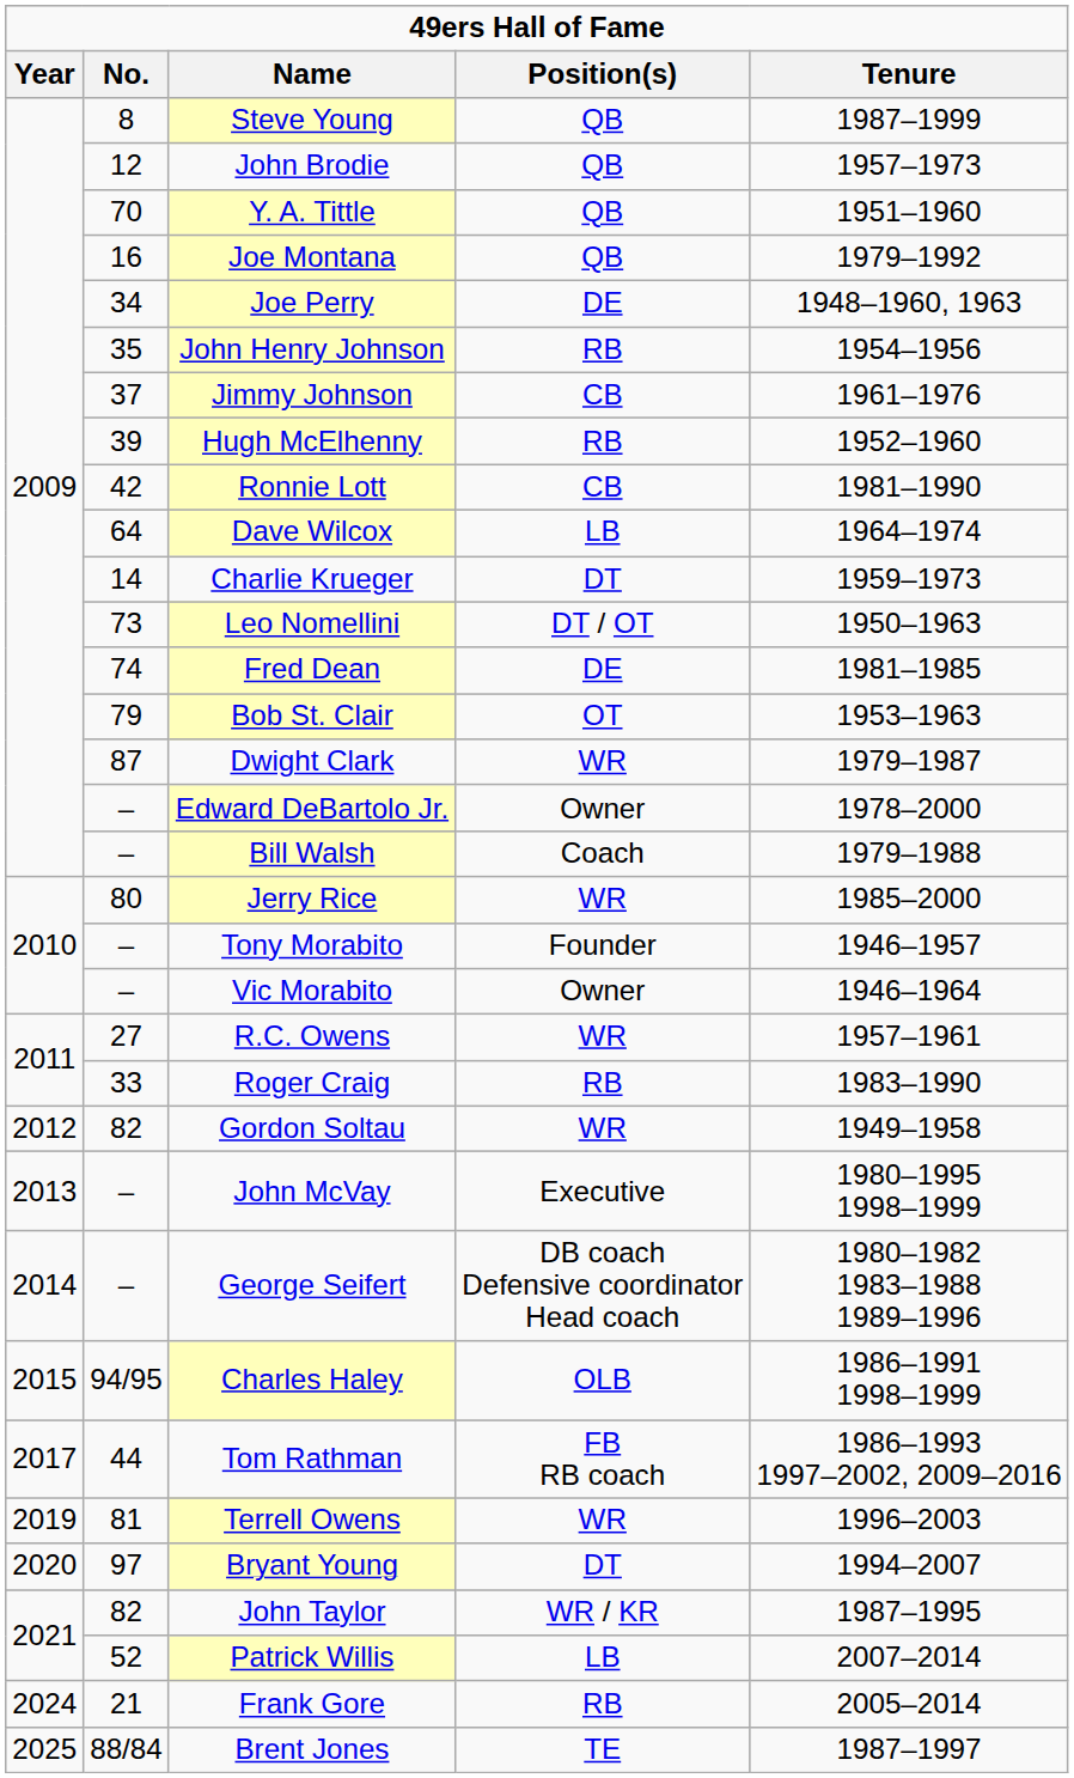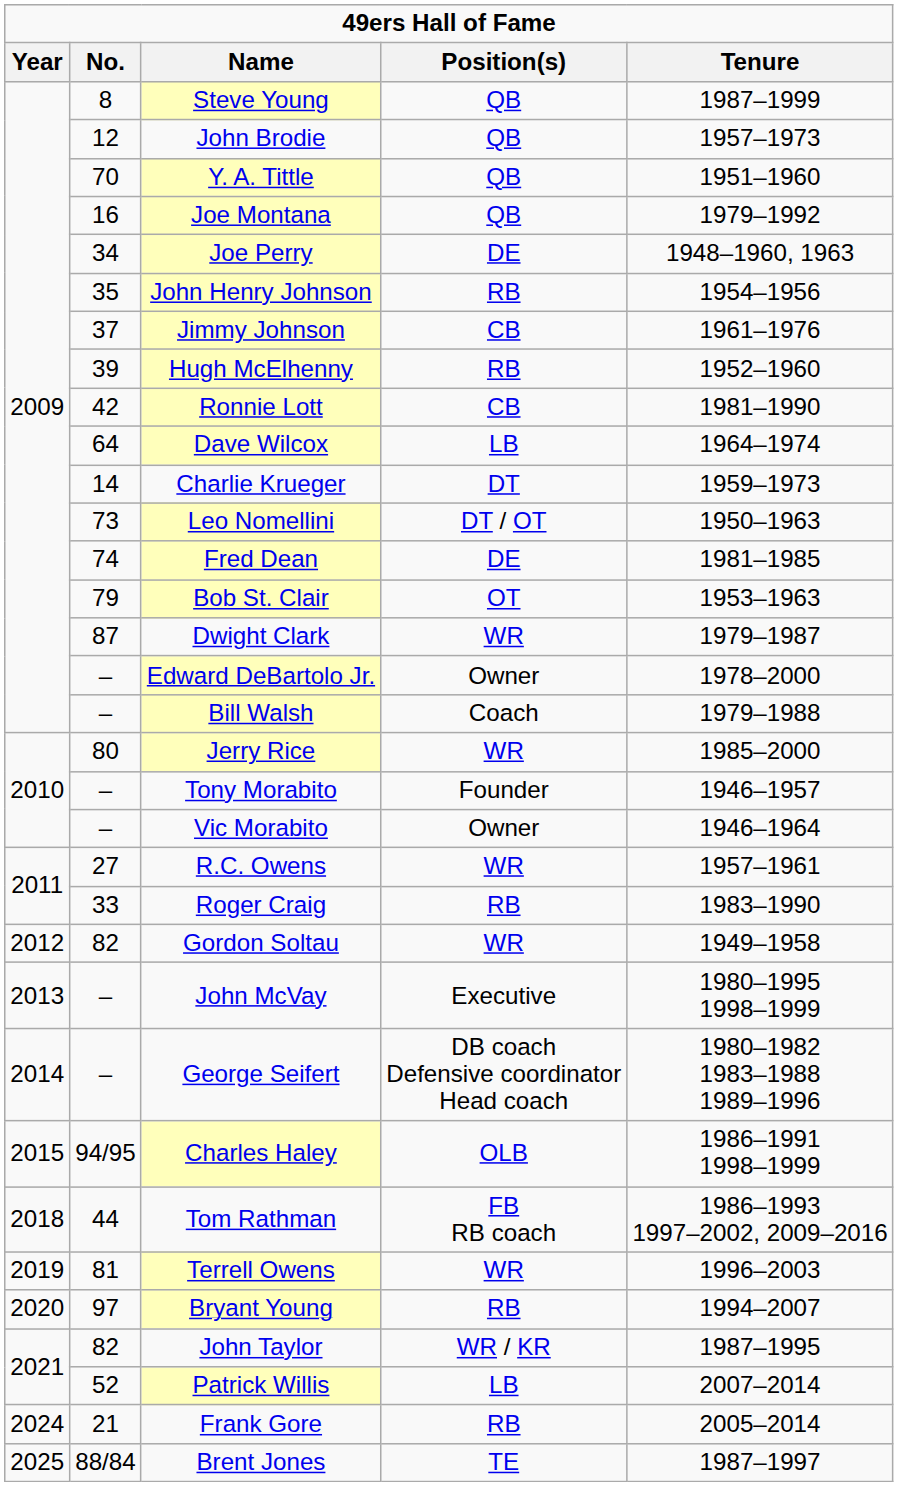 <table class="wikitable" style="text-align:center">
 <tr>
 <td colspan="5"><strong>49ers Hall of Fame</strong></td>
 </tr>
 <tr>
 <th scope="col">Year</th>
 <th scope="col">No.</th>
 <th scope="col">Name</th>
 <th scope="col">Position(s)</th>
 <th scope="col">Tenure</th>
 </tr>
 <tr>
 <td rowspan=17>2009</td>
 <td>8</td>
 <td style="background:#ffb"><a href='#'>Steve Young</a></td>
 <td><a href='#'>QB</a></td>
 <td>1987–1999</td>
 </tr>
 <tr>
 <td>12</td>
 <td><a href='#'>John Brodie</a></td>
 <td><a href='#'>QB</a></td>
 <td>1957–1973</td>
 </tr>
 <tr>
 <td>70</td>
 <td style="background:#ffb"><a href='#'>Y. A. Tittle</a></td>
 <td><a href='#'>QB</a></td>
 <td>1951–1960</td>
 </tr>
 <tr>
 <td>16</td>
 <td style="background:#ffb"><a href='#'>Joe Montana</a></td>
 <td><a href='#'>QB</a></td>
 <td>1979–1992</td>
 </tr>
 <tr>
 <td>34</td>
 <td style="background:#ffb"><a href='#'>Joe Perry</a></td>
 <td><a href='#'>DE</a></td>
 <td>1948–1960, 1963</td>
 </tr>
 <tr>
 <td>35</td>
 <td style="background:#ffb"><a href='#'>John Henry Johnson</a></td>
 <td><a href='#'>RB</a></td>
 <td>1954–1956</td>
 </tr>
 <tr>
 <td>37</td>
 <td style="background:#ffb"><a href='#'>Jimmy Johnson</a></td>
 <td><a href='#'>CB</a></td>
 <td>1961–1976</td>
 </tr>
 <tr>
 <td>39</td>
 <td style="background:#ffb"><a href='#'>Hugh McElhenny</a></td>
 <td><a href='#'>RB</a></td>
 <td>1952–1960</td>
 </tr>
 <tr>
 <td>42</td>
 <td style="background:#ffb"><a href='#'>Ronnie Lott</a></td>
 <td><a href='#'>CB</a></td>
 <td>1981–1990</td>
 </tr>
 <tr>
 <td>64</td>
 <td style="background:#ffb"><a href='#'>Dave Wilcox</a></td>
 <td><a href='#'>LB</a></td>
 <td>1964–1974</td>
 </tr>
 <tr>
 <td>14</td>
 <td><a href='#'>Charlie Krueger</a></td>
 <td><a href='#'>DT</a></td>
 <td>1959–1973</td>
 </tr>
 <tr>
 <td>73</td>
 <td style="background:#ffb"><a href='#'>Leo Nomellini</a></td>
 <td><a href='#'>DT</a> / <a href='#'>OT</a></td>
 <td>1950–1963</td>
 </tr>
 <tr>
 <td>74</td>
 <td style="background:#ffb"><a href='#'>Fred Dean</a></td>
 <td><a href='#'>DE</a></td>
 <td>1981–1985</td>
 </tr>
 <tr>
 <td>79</td>
 <td style="background:#ffb"><a href='#'>Bob St. Clair</a></td>
 <td><a href='#'>OT</a></td>
 <td>1953–1963</td>
 </tr>
 <tr>
 <td>87</td>
 <td><a href='#'>Dwight Clark</a></td>
 <td><a href='#'>WR</a></td>
 <td>1979–1987</td>
 </tr>
 <tr>
 <td>–</td>
 <td style="background:#ffb"><a href='#'>Edward DeBartolo Jr.</a></td>
 <td>Owner</td>
 <td>1978–2000</td>
 </tr>
 <tr>
 <td>–</td>
 <td style="background:#ffb"><a href='#'>Bill Walsh</a></td>
 <td>Coach</td>
 <td>1979–1988</td>
 </tr>
 <tr>
 <td rowspan=3>2010</td>
 <td>80</td>
 <td style="background:#ffb"><a href='#'>Jerry Rice</a></td>
 <td><a href='#'>WR</a></td>
 <td>1985–2000</td>
 </tr>
 <tr>
 <td>–</td>
 <td><a href='#'>Tony Morabito</a></td>
 <td>Founder</td>
 <td>1946–1957</td>
 </tr>
 <tr>
 <td>–</td>
 <td><a href='#'>Vic Morabito</a></td>
 <td>Owner</td>
 <td>1946–1964</td>
 </tr>
 <tr>
 <td rowspan=2>2011</td>
 <td>27</td>
 <td><a href='#'>R.C. Owens</a></td>
 <td><a href='#'>WR</a></td>
 <td>1957–1961</td>
 </tr>
 <tr>
 <td>33</td>
 <td><a href='#'>Roger Craig</a></td>
 <td><a href='#'>RB</a></td>
 <td>1983–1990</td>
 </tr>
 <tr>
 <td>2012</td>
 <td>82</td>
 <td><a href='#'>Gordon Soltau</a></td>
 <td><a href='#'>WR</a></td>
 <td>1949–1958</td>
 </tr>
 <tr>
 <td>2013</td>
 <td>–</td>
 <td><a href='#'>John McVay</a></td>
 <td>Executive</td>
 <td>1980–1995<br>1998–1999</td>
 </tr>
 <tr>
 <td>2014</td>
 <td>–</td>
 <td><a href='#'>George Seifert</a></td>
 <td>DB coach<br>Defensive coordinator<br>Head coach</td>
 <td>1980–1982<br>1983–1988<br>1989–1996</td>
 </tr>
 <tr>
 <td>2015</td>
 <td>94/95</td>
 <td style="background:#ffb"><a href='#'>Charles Haley</a></td>
 <td><a href='#'>OLB</a></td>
 <td>1986–1991<br>1998–1999</td>
 </tr>
 <tr>
-<td>2017</td>
+<td>2018</td>
 <td>44</td>
 <td><a href='#'>Tom Rathman</a></td>
 <td><a href='#'>FB</a><br>RB coach</td>
 <td>1986–1993<br>1997–2002, 2009–2016</td>
 </tr>
 <tr>
 <td>2019</td>
 <td>81</td>
 <td style="background:#ffb"><a href='#'>Terrell Owens</a></td>
 <td><a href='#'>WR</a></td>
 <td>1996–2003</td>
 </tr>
 <tr>
 <td>2020</td>
 <td>97</td>
 <td style="background:#ffb"><a href='#'>Bryant Young</a></td>
-<td><a href='#'>DT</a></td>
+<td><a href='#'>RB</a></td>
 <td>1994–2007</td>
 </tr>
 <tr>
 <td rowspan=2>2021</td>
 <td>82</td>
 <td><a href='#'>John Taylor</a></td>
 <td><a href='#'>WR</a> / <a href='#'>KR</a></td>
 <td>1987–1995</td>
 </tr>
 <tr>
 <td>52</td>
 <td style="background:#ffb"><a href='#'>Patrick Willis</a></td>
 <td><a href='#'>LB</a></td>
 <td>2007–2014</td>
 </tr>
 <tr>
 <td>2024</td>
 <td>21</td>
 <td><a href='#'>Frank Gore</a></td>
 <td><a href='#'>RB</a></td>
 <td>2005–2014</td>
 </tr>
 <tr>
 <td>2025</td>
 <td>88/84</td>
 <td><a href='#'>Brent Jones</a></td>
 <td><a href='#'>TE</a></td>
 <td>1987–1997</td>
 </tr>
 </table>
